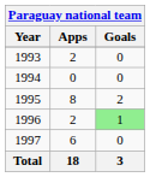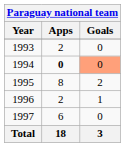 <table class="wikitable" style="text-align:center">
 <tr>
 <th colspan=3><a href='#'>Paraguay national team</a></th>
 </tr>
 <tr>
 <th>Year</th>
 <th>Apps</th>
 <th>Goals</th>
 </tr>
 <tr>
 </tr>
 <tr>
 <td>1993</td>
 <td>2</td>
 <td>0</td>
 </tr>
 <tr>
 <td>1994</td>
-<td>0</td>
-<td>0</td>
+<td><strong>0</strong></td>
+<td style="background: lightsalmon;">0</td>
 </tr>
 <tr>
 <td>1995</td>
 <td>8</td>
 <td>2</td>
 </tr>
 <tr>
 <td>1996</td>
 <td>2</td>
-<td style="background: lightgreen;">1</td>
+<td>1</td>
 </tr>
 <tr>
 <td>1997</td>
 <td>6</td>
 <td>0</td>
 </tr>
 <tr>
 <th>Total</th>
 <th>18</th>
 <th>3</th>
 </tr>
 </table>
